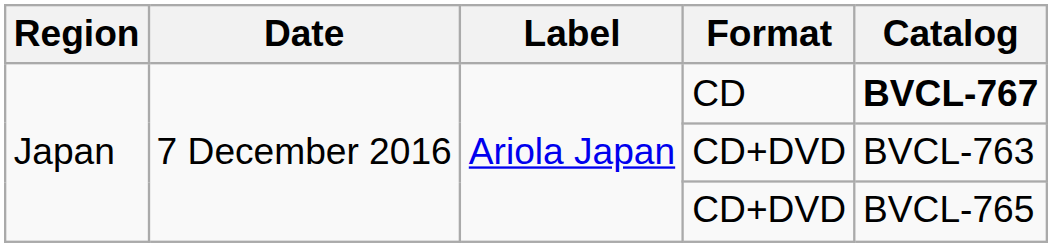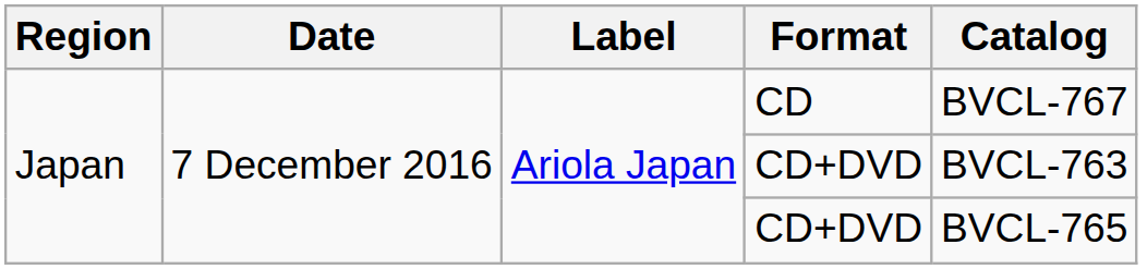 <table class="wikitable">
 <tr>
 <th>Region</th>
 <th>Date</th>
 <th>Label</th>
 <th>Format</th>
 <th>Catalog</th>
 </tr>
 <tr>
 <td rowspan="3">Japan</td>
 <td rowspan="3">7 December 2016</td>
 <td rowspan="3"><a href='#'>Ariola Japan</a></td>
 <td>CD</td>
-<td><strong>BVCL-767</strong></td>
+<td>BVCL-767</td>
 </tr>
 <tr>
 <td>CD+DVD</td>
 <td>BVCL-763</td>
 </tr>
 <tr>
 <td>CD+DVD</td>
 <td>BVCL-765</td>
 </tr>
 </table>
